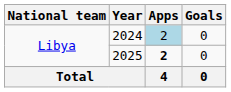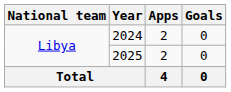 <table class="wikitable" style="text-align:center">
 <tr>
 <th>National team</th>
 <th>Year</th>
 <th>Apps</th>
 <th>Goals</th>
 </tr>
 <tr>
 <td rowspan="2"><a href='#'>Libya</a></td>
 <td>2024</td>
-<td style="background: lightblue;">2</td>
+<td>2</td>
 <td>0</td>
 </tr>
 <tr>
 <td>2025</td>
-<td><strong>2</strong></td>
+<td>2</td>
 <td>0</td>
 </tr>
 <tr>
 <th colspan=2>Total</th>
 <th>4</th>
 <th>0</th>
 </tr>
 </table>
